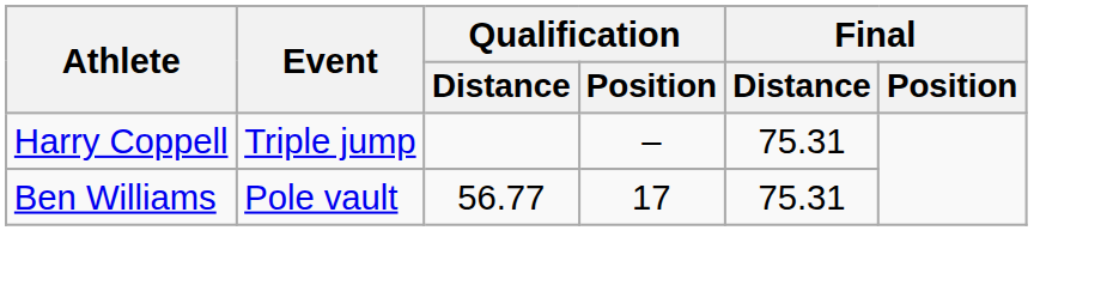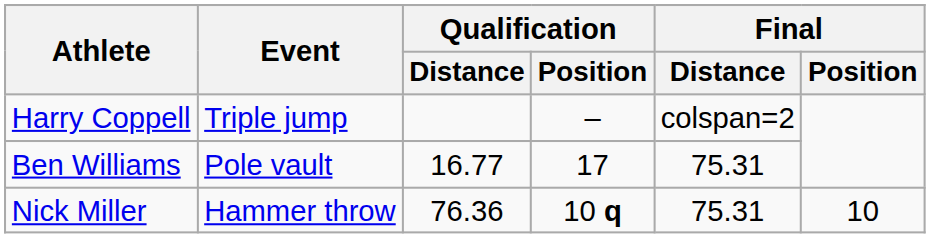 <table class=wikitable style="font-size:90%">
 <tr>
 <th rowspan="2">Athlete</th>
 <th rowspan="2">Event</th>
 <th colspan="2">Qualification</th>
 <th colspan="2">Final</th>
 </tr>
 <tr style="font-size:95%">
 <th>Distance</th>
 <th>Position</th>
 <th>Distance</th>
 <th>Position</th>
 </tr>
 <tr style=text-align:center>
 <td style=text-align:left><a href='#'>Harry Coppell</a></td>
 <td style=text-align:left><a href='#'>Triple jump</a></td>
 <td></td>
 <td>–</td>
-<td>75.31</td>
+<td>colspan=2 </td>
 </tr>
 <tr style=text-align:center>
 <td style=text-align:left><a href='#'>Ben Williams</a></td>
 <td style=text-align:left><a href='#'>Pole vault</a></td>
-<td>56.77</td>
+<td>16.77</td>
 <td>17</td>
 <td>75.31</td>
 </tr>
+<tr style=text-align:center>
+<td style=text-align:left><a href='#'>Nick Miller</a></td>
+<td style=text-align:left><a href='#'>Hammer throw</a></td>
+<td>76.36</td>
+<td>10 <strong>q</strong></td>
+<td>75.31</td>
+<td>10</td>
+</tr>
 </table>
